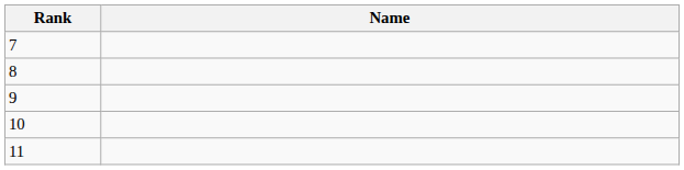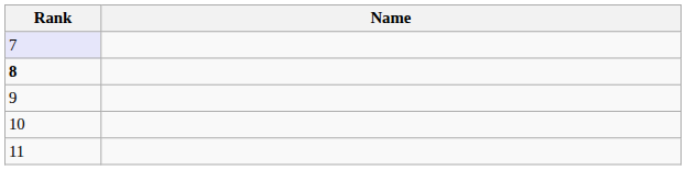 <table class=wikitable style="font-size:95%" width="40%">
 <tr>
 <th width=20>Rank </th>
 <th width=250>Name</th>
 </tr>
 <tr>
-<td>7</td>
+<td style="background: lavender;">7</td>
 <td></td>
 </tr>
 <tr>
-<td>8</td>
+<td><strong>8</strong></td>
 <td></td>
 </tr>
 <tr>
 <td>9</td>
 <td></td>
 </tr>
 <tr>
 <td>10</td>
 <td></td>
 </tr>
 <tr>
 <td>11</td>
 <td></td>
 </tr>
 </table>
